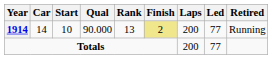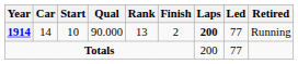 <table class="wikitable" style="text-align:center">
 <tr>
 <th>Year</th>
 <th>Car</th>
 <th>Start</th>
 <th>Qual</th>
 <th>Rank</th>
 <th>Finish</th>
 <th>Laps</th>
 <th>Led</th>
 <th>Retired</th>
 </tr>
 <tr>
 <th><a href='#'>1914</a></th>
 <td>14</td>
 <td>10</td>
 <td>90.000</td>
 <td>13</td>
-<td style="background: khaki;">2</td>
-<td>200</td>
+<td>2</td>
+<td><strong>200</strong></td>
 <td>77</td>
 <td>Running</td>
 </tr>
 <tr>
 <td colspan=6><strong>Totals</strong></td>
 <td>200</td>
 <td>77</td>
 <td></td>
 </tr>
 </table>
